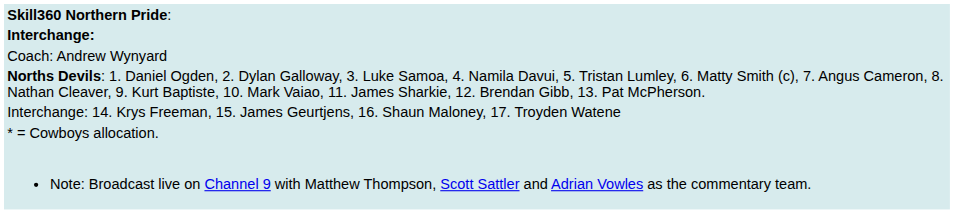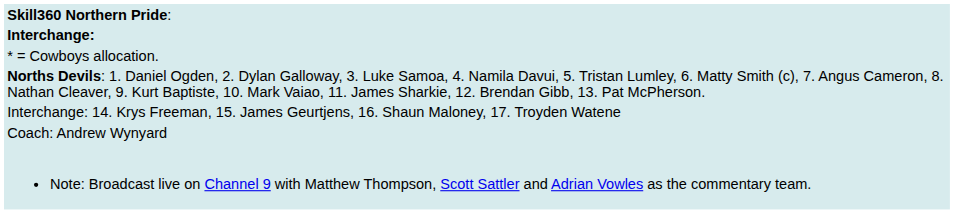 <table style="background:#d7ebed; font-size:85%; width:100%;">
 <tr>
 <td><strong>Skill360 Northern Pride</strong>:             </td>
 </tr>
 <tr>
 <td><strong>Interchange:    </strong></td>
 </tr>
 <tr>
-<td>Coach: Andrew Wynyard</td>
+<td>* = Cowboys allocation.</td>
 </tr>
 <tr>
 <td><strong>Norths Devils</strong>: 1. Daniel Ogden, 2. Dylan Galloway, 3. Luke Samoa, 4. Namila Davui, 5. Tristan Lumley, 6. Matty Smith (c), 7. Angus Cameron, 8. Nathan Cleaver, 9. Kurt Baptiste, 10. Mark Vaiao, 11. James Sharkie, 12. Brendan Gibb, 13. Pat McPherson.</td>
 </tr>
 <tr>
 <td>Interchange: 14. Krys Freeman, 15. James Geurtjens, 16. Shaun Maloney, 17. Troyden Watene</td>
 </tr>
 <tr>
-<td>* = Cowboys allocation.</td>
+<td>Coach: Andrew Wynyard</td>
 </tr>
 <tr>
 <td><br><ul><li>Note: Broadcast live on <a href='#'>Channel 9</a> with Matthew Thompson, <a href='#'>Scott Sattler</a> and <a href='#'>Adrian Vowles</a> as the commentary team.</li></ul></td>
 </tr>
 </table>
